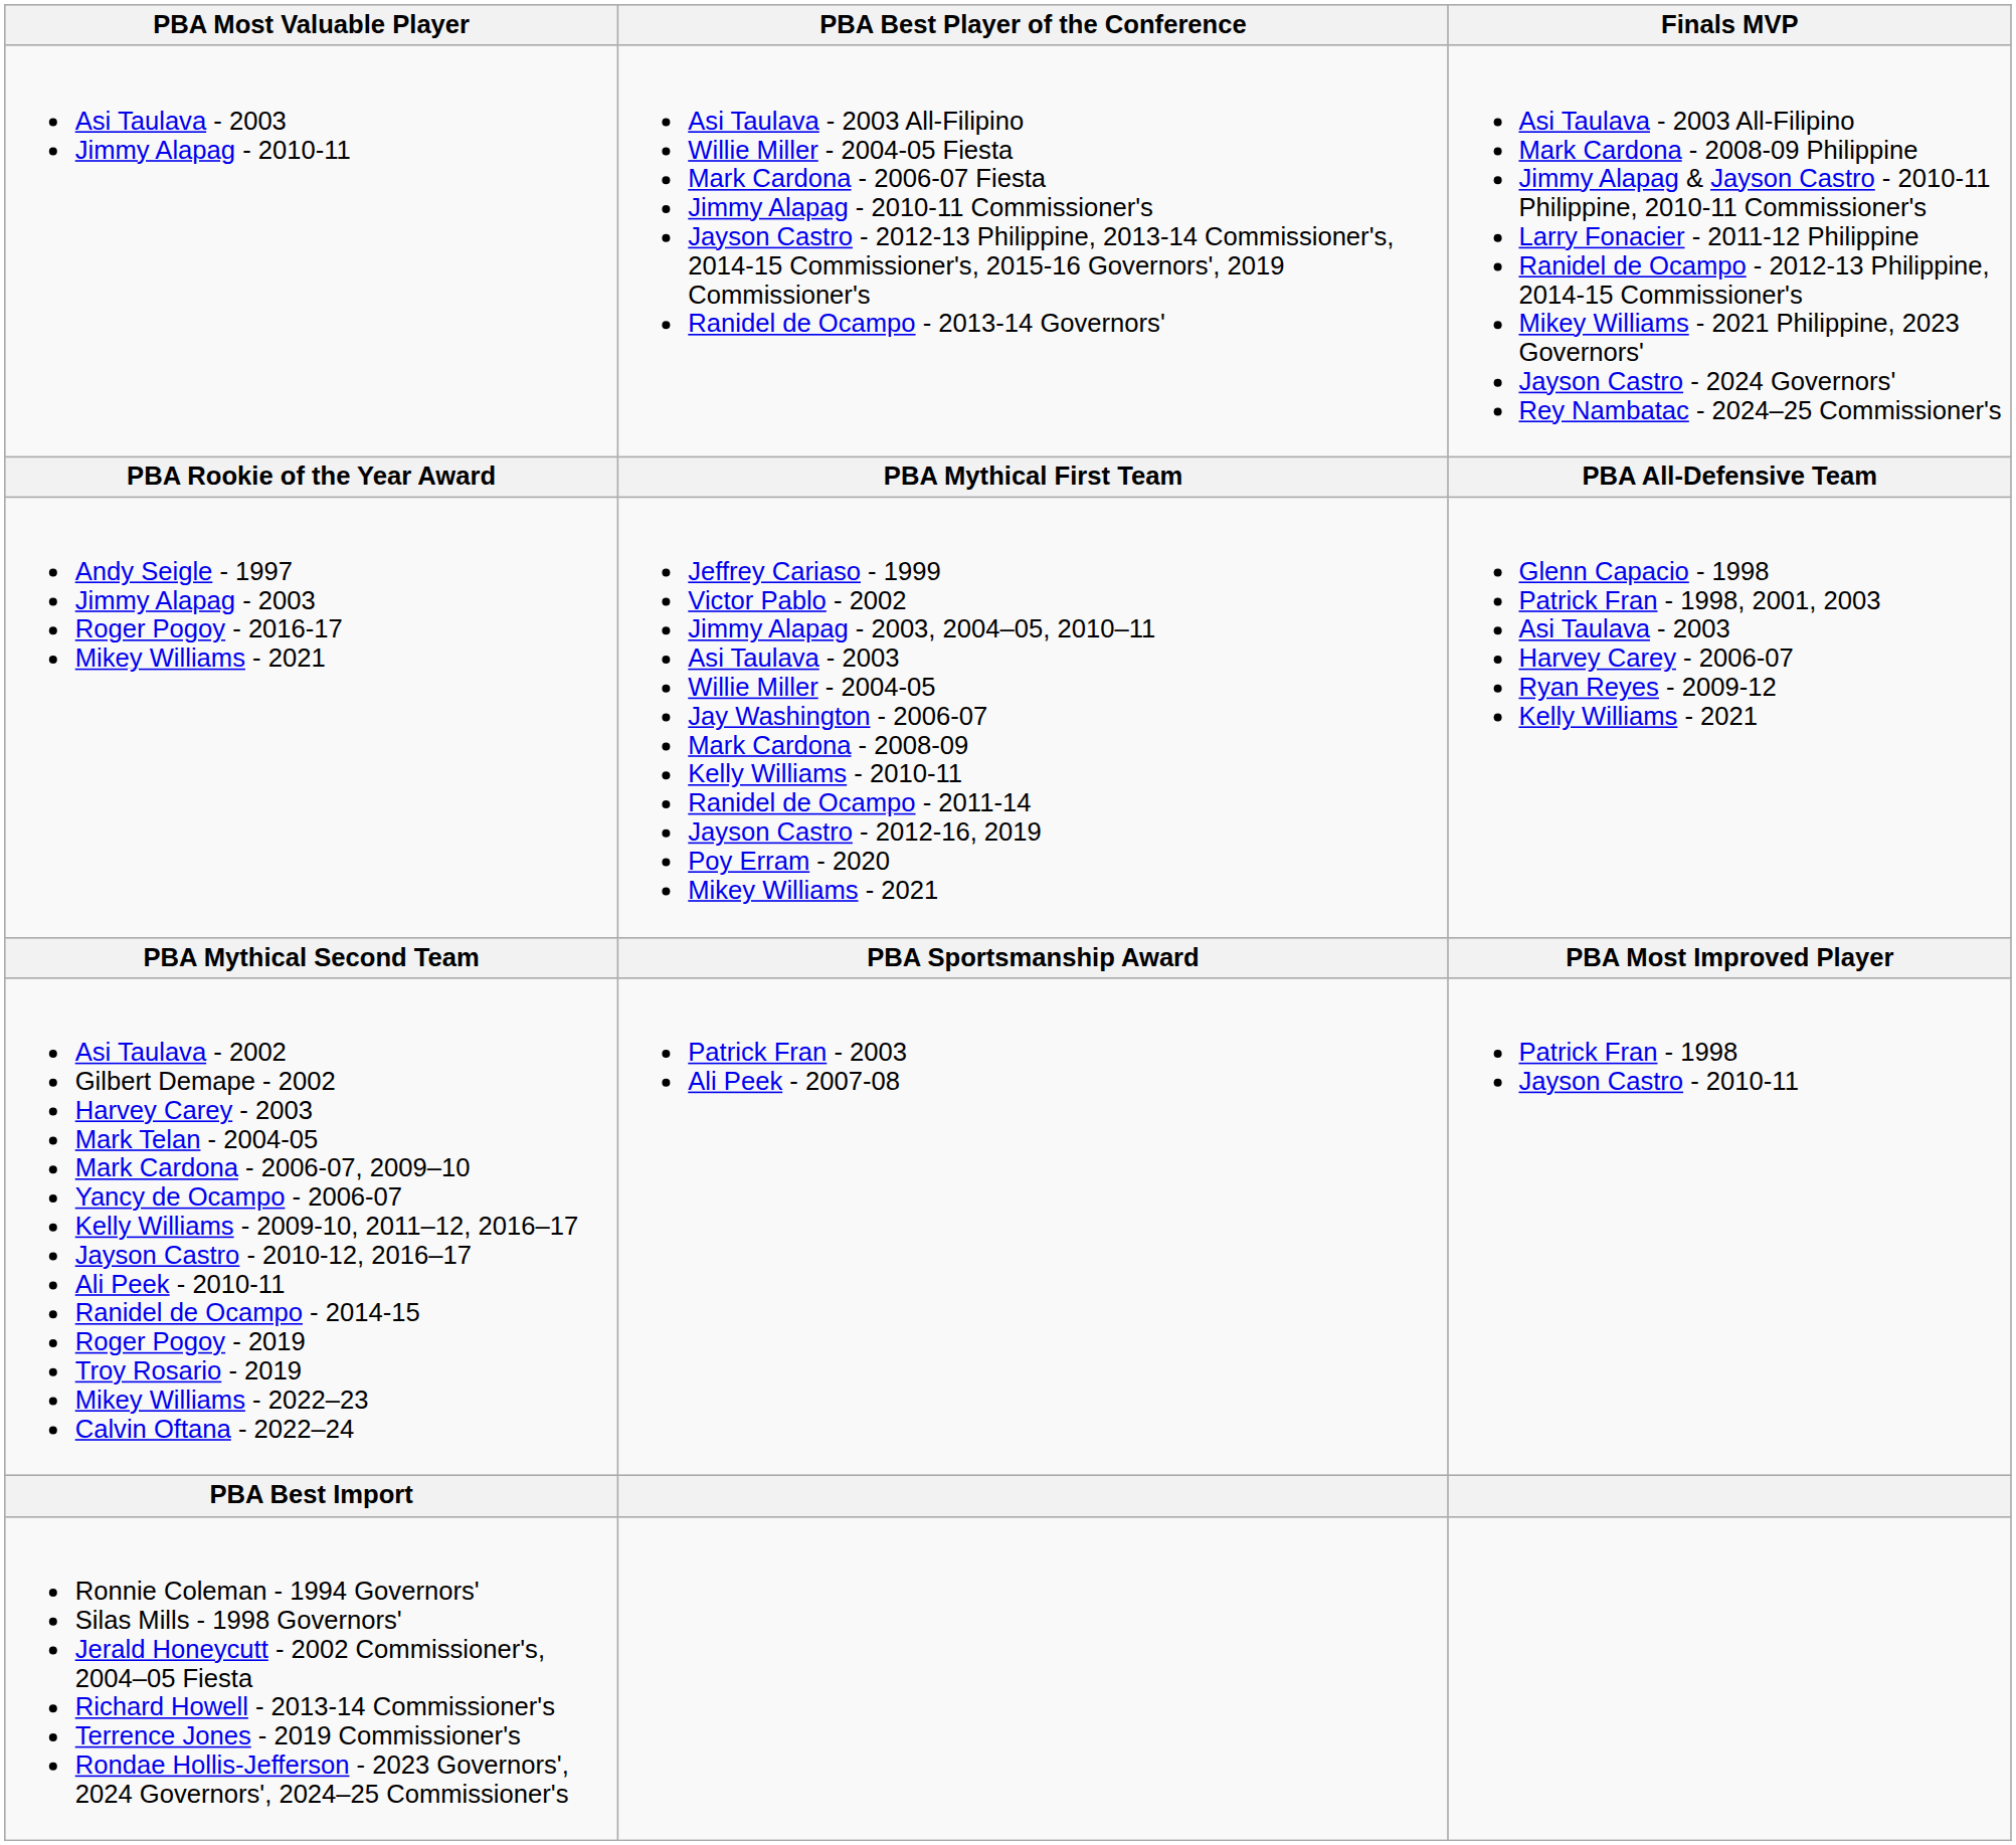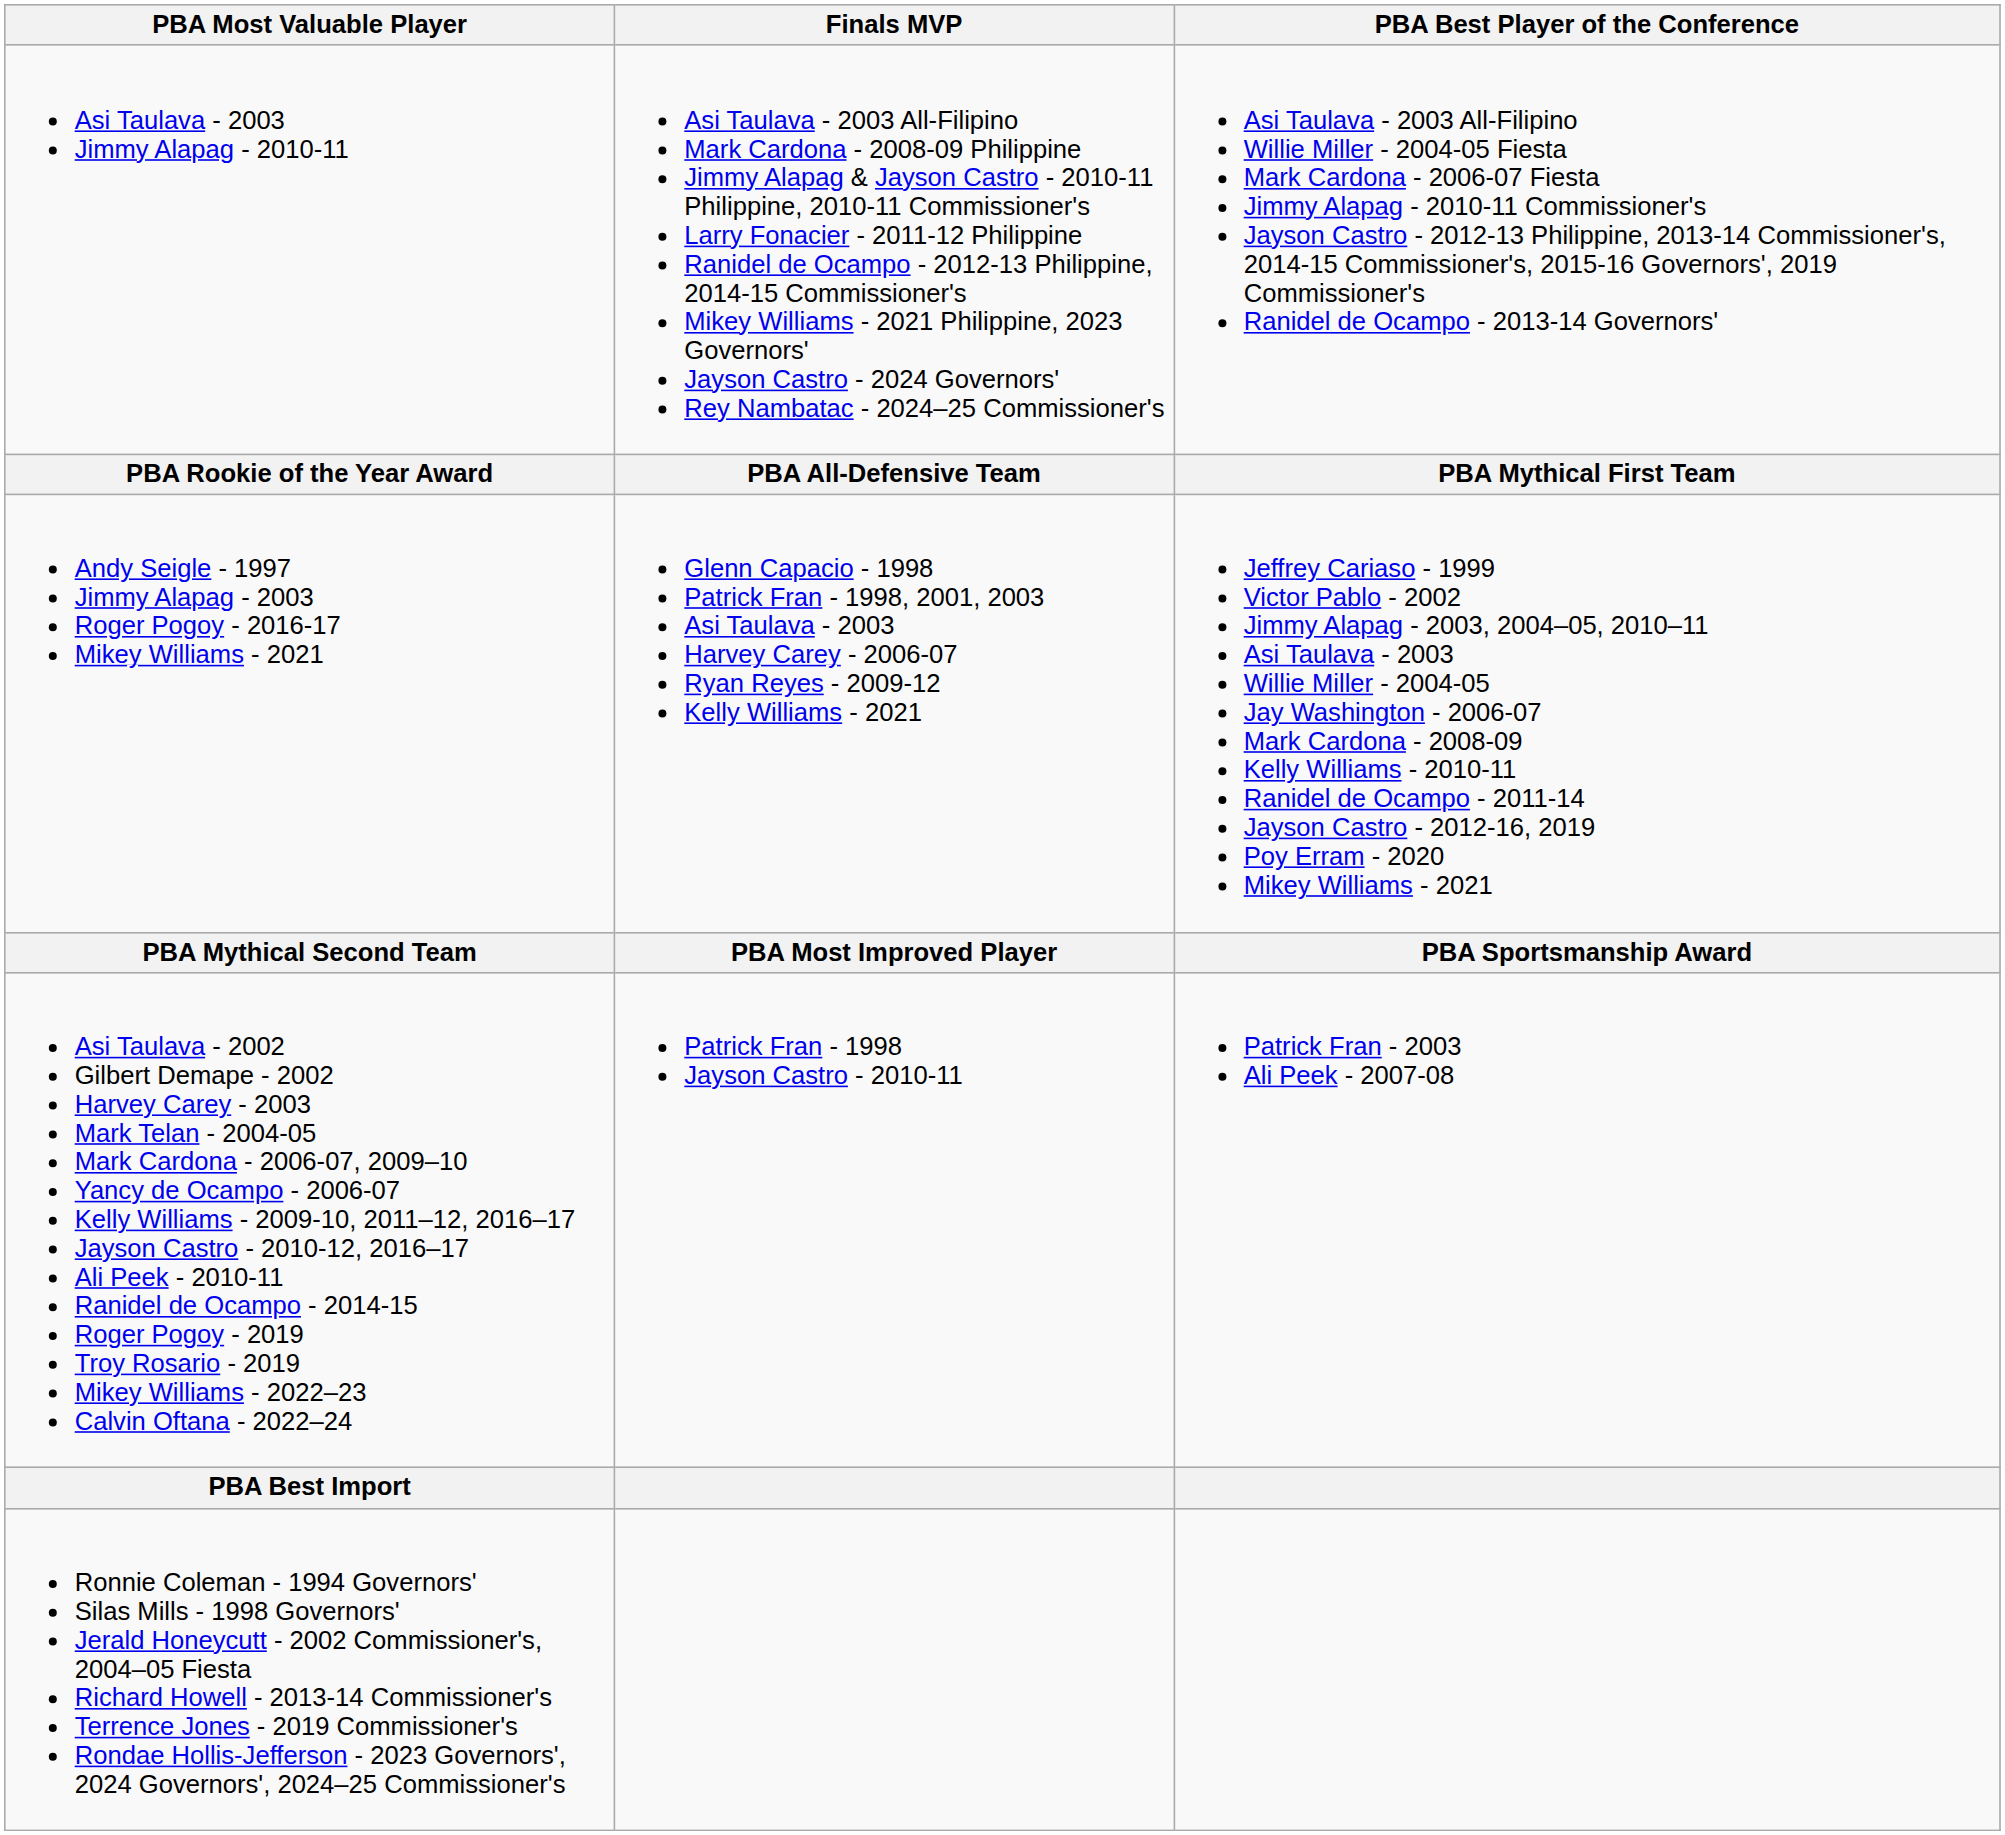 <table class=wikitable>
 <tr>
 <th>PBA Most Valuable Player</th>
+<th>Finals MVP</th>
 <th>PBA Best Player of the Conference</th>
-<th>Finals MVP</th>
 </tr>
 <tr>
 <td valign="top"><br><ul><li><a href='#'>Asi Taulava</a> - 2003</li><li><a href='#'>Jimmy Alapag</a> - 2010-11</li></ul></td>
+<td valign="top"><br><ul><li><a href='#'>Asi Taulava</a> - 2003 All-Filipino</li><li><a href='#'>Mark Cardona</a> - 2008-09 Philippine</li><li><a href='#'>Jimmy Alapag</a> & <a href='#'>Jayson Castro</a> - 2010-11 Philippine, 2010-11 Commissioner's</li><li><a href='#'>Larry Fonacier</a> - 2011-12 Philippine</li><li><a href='#'>Ranidel de Ocampo</a> - 2012-13 Philippine, 2014-15 Commissioner's</li><li><a href='#'>Mikey Williams</a> - 2021 Philippine, 2023 Governors'</li><li><a href='#'>Jayson Castro</a> - 2024 Governors'</li><li><a href='#'>Rey Nambatac</a> - 2024–25 Commissioner's</li></ul></td>
 <td valign="top"><br><ul><li><a href='#'>Asi Taulava</a> - 2003 All-Filipino</li><li><a href='#'>Willie Miller</a> - 2004-05 Fiesta</li><li><a href='#'>Mark Cardona</a> - 2006-07 Fiesta</li><li><a href='#'>Jimmy Alapag</a> - 2010-11 Commissioner's</li><li><a href='#'>Jayson Castro</a> - 2012-13 Philippine, 2013-14 Commissioner's, 2014-15 Commissioner's, 2015-16 Governors', 2019 Commissioner's</li><li><a href='#'>Ranidel de Ocampo</a> - 2013-14 Governors'</li></ul></td>
-<td valign="top"><br><ul><li><a href='#'>Asi Taulava</a> - 2003 All-Filipino</li><li><a href='#'>Mark Cardona</a> - 2008-09 Philippine</li><li><a href='#'>Jimmy Alapag</a> & <a href='#'>Jayson Castro</a> - 2010-11 Philippine, 2010-11 Commissioner's</li><li><a href='#'>Larry Fonacier</a> - 2011-12 Philippine</li><li><a href='#'>Ranidel de Ocampo</a> - 2012-13 Philippine, 2014-15 Commissioner's</li><li><a href='#'>Mikey Williams</a> - 2021 Philippine, 2023 Governors'</li><li><a href='#'>Jayson Castro</a> - 2024 Governors'</li><li><a href='#'>Rey Nambatac</a> - 2024–25 Commissioner's</li></ul></td>
 </tr>
 <tr>
 <th>PBA Rookie of the Year Award</th>
+<th>PBA All-Defensive Team</th>
 <th>PBA Mythical First Team</th>
-<th>PBA All-Defensive Team</th>
 </tr>
 <tr>
 <td valign="top"><br><ul><li><a href='#'>Andy Seigle</a> - 1997</li><li><a href='#'>Jimmy Alapag</a> - 2003</li><li><a href='#'>Roger Pogoy</a> - 2016-17</li><li><a href='#'>Mikey Williams</a> - 2021</li></ul></td>
+<td valign="top"><br><ul><li><a href='#'>Glenn Capacio</a> - 1998</li><li><a href='#'>Patrick Fran</a> - 1998, 2001, 2003</li><li><a href='#'>Asi Taulava</a> - 2003</li><li><a href='#'>Harvey Carey</a> - 2006-07</li><li><a href='#'>Ryan Reyes</a> - 2009-12</li><li><a href='#'>Kelly Williams</a> - 2021</li></ul></td>
 <td valign="top"><br><ul><li><a href='#'>Jeffrey Cariaso</a> - 1999</li><li><a href='#'>Victor Pablo</a> - 2002</li><li><a href='#'>Jimmy Alapag</a> - 2003, 2004–05, 2010–11</li><li><a href='#'>Asi Taulava</a> - 2003</li><li><a href='#'>Willie Miller</a> - 2004-05</li><li><a href='#'>Jay Washington</a> - 2006-07</li><li><a href='#'>Mark Cardona</a> - 2008-09</li><li><a href='#'>Kelly Williams</a> - 2010-11</li><li><a href='#'>Ranidel de Ocampo</a> - 2011-14</li><li><a href='#'>Jayson Castro</a> - 2012-16, 2019</li><li><a href='#'>Poy Erram</a> - 2020</li><li><a href='#'>Mikey Williams</a> - 2021</li></ul></td>
-<td valign="top"><br><ul><li><a href='#'>Glenn Capacio</a> - 1998</li><li><a href='#'>Patrick Fran</a> - 1998, 2001, 2003</li><li><a href='#'>Asi Taulava</a> - 2003</li><li><a href='#'>Harvey Carey</a> - 2006-07</li><li><a href='#'>Ryan Reyes</a> - 2009-12</li><li><a href='#'>Kelly Williams</a> - 2021</li></ul></td>
 </tr>
 <tr>
 <th>PBA Mythical Second Team</th>
+<th>PBA Most Improved Player</th>
 <th>PBA Sportsmanship Award</th>
-<th>PBA Most Improved Player</th>
 </tr>
 <tr>
 <td valign="top"><br><ul><li><a href='#'>Asi Taulava</a> - 2002</li><li>Gilbert Demape - 2002</li><li><a href='#'>Harvey Carey</a> - 2003</li><li><a href='#'>Mark Telan</a> - 2004-05</li><li><a href='#'>Mark Cardona</a> - 2006-07, 2009–10</li><li><a href='#'>Yancy de Ocampo</a> - 2006-07</li><li><a href='#'>Kelly Williams</a> - 2009-10, 2011–12, 2016–17</li><li><a href='#'>Jayson Castro</a> - 2010-12, 2016–17</li><li><a href='#'>Ali Peek</a> - 2010-11</li><li><a href='#'>Ranidel de Ocampo</a> - 2014-15</li><li><a href='#'>Roger Pogoy</a> - 2019</li><li><a href='#'>Troy Rosario</a> - 2019</li><li><a href='#'>Mikey Williams</a> - 2022–23</li><li><a href='#'>Calvin Oftana</a> - 2022–24</li></ul></td>
+<td valign="top"><br><ul><li><a href='#'>Patrick Fran</a> - 1998</li><li><a href='#'>Jayson Castro</a> - 2010-11</li></ul></td>
 <td valign="top"><br><ul><li><a href='#'>Patrick Fran</a> - 2003</li><li><a href='#'>Ali Peek</a> - 2007-08</li></ul></td>
-<td valign="top"><br><ul><li><a href='#'>Patrick Fran</a> - 1998</li><li><a href='#'>Jayson Castro</a> - 2010-11</li></ul></td>
 </tr>
 <tr>
 <th>PBA Best Import</th>
 <th></th>
 <th></th>
 </tr>
 <tr>
 <td valign="top"><br><ul><li>Ronnie Coleman - 1994 Governors'</li><li>Silas Mills - 1998 Governors'</li><li><a href='#'>Jerald Honeycutt</a> - 2002 Commissioner's, 2004–05 Fiesta</li><li><a href='#'>Richard Howell</a> - 2013-14 Commissioner's</li><li><a href='#'>Terrence Jones</a> - 2019 Commissioner's</li><li><a href='#'>Rondae Hollis-Jefferson</a> - 2023 Governors', 2024 Governors', 2024–25 Commissioner's</li></ul></td>
 <td valign="top"></td>
 <td valign="top"></td>
 </tr>
 </table>
